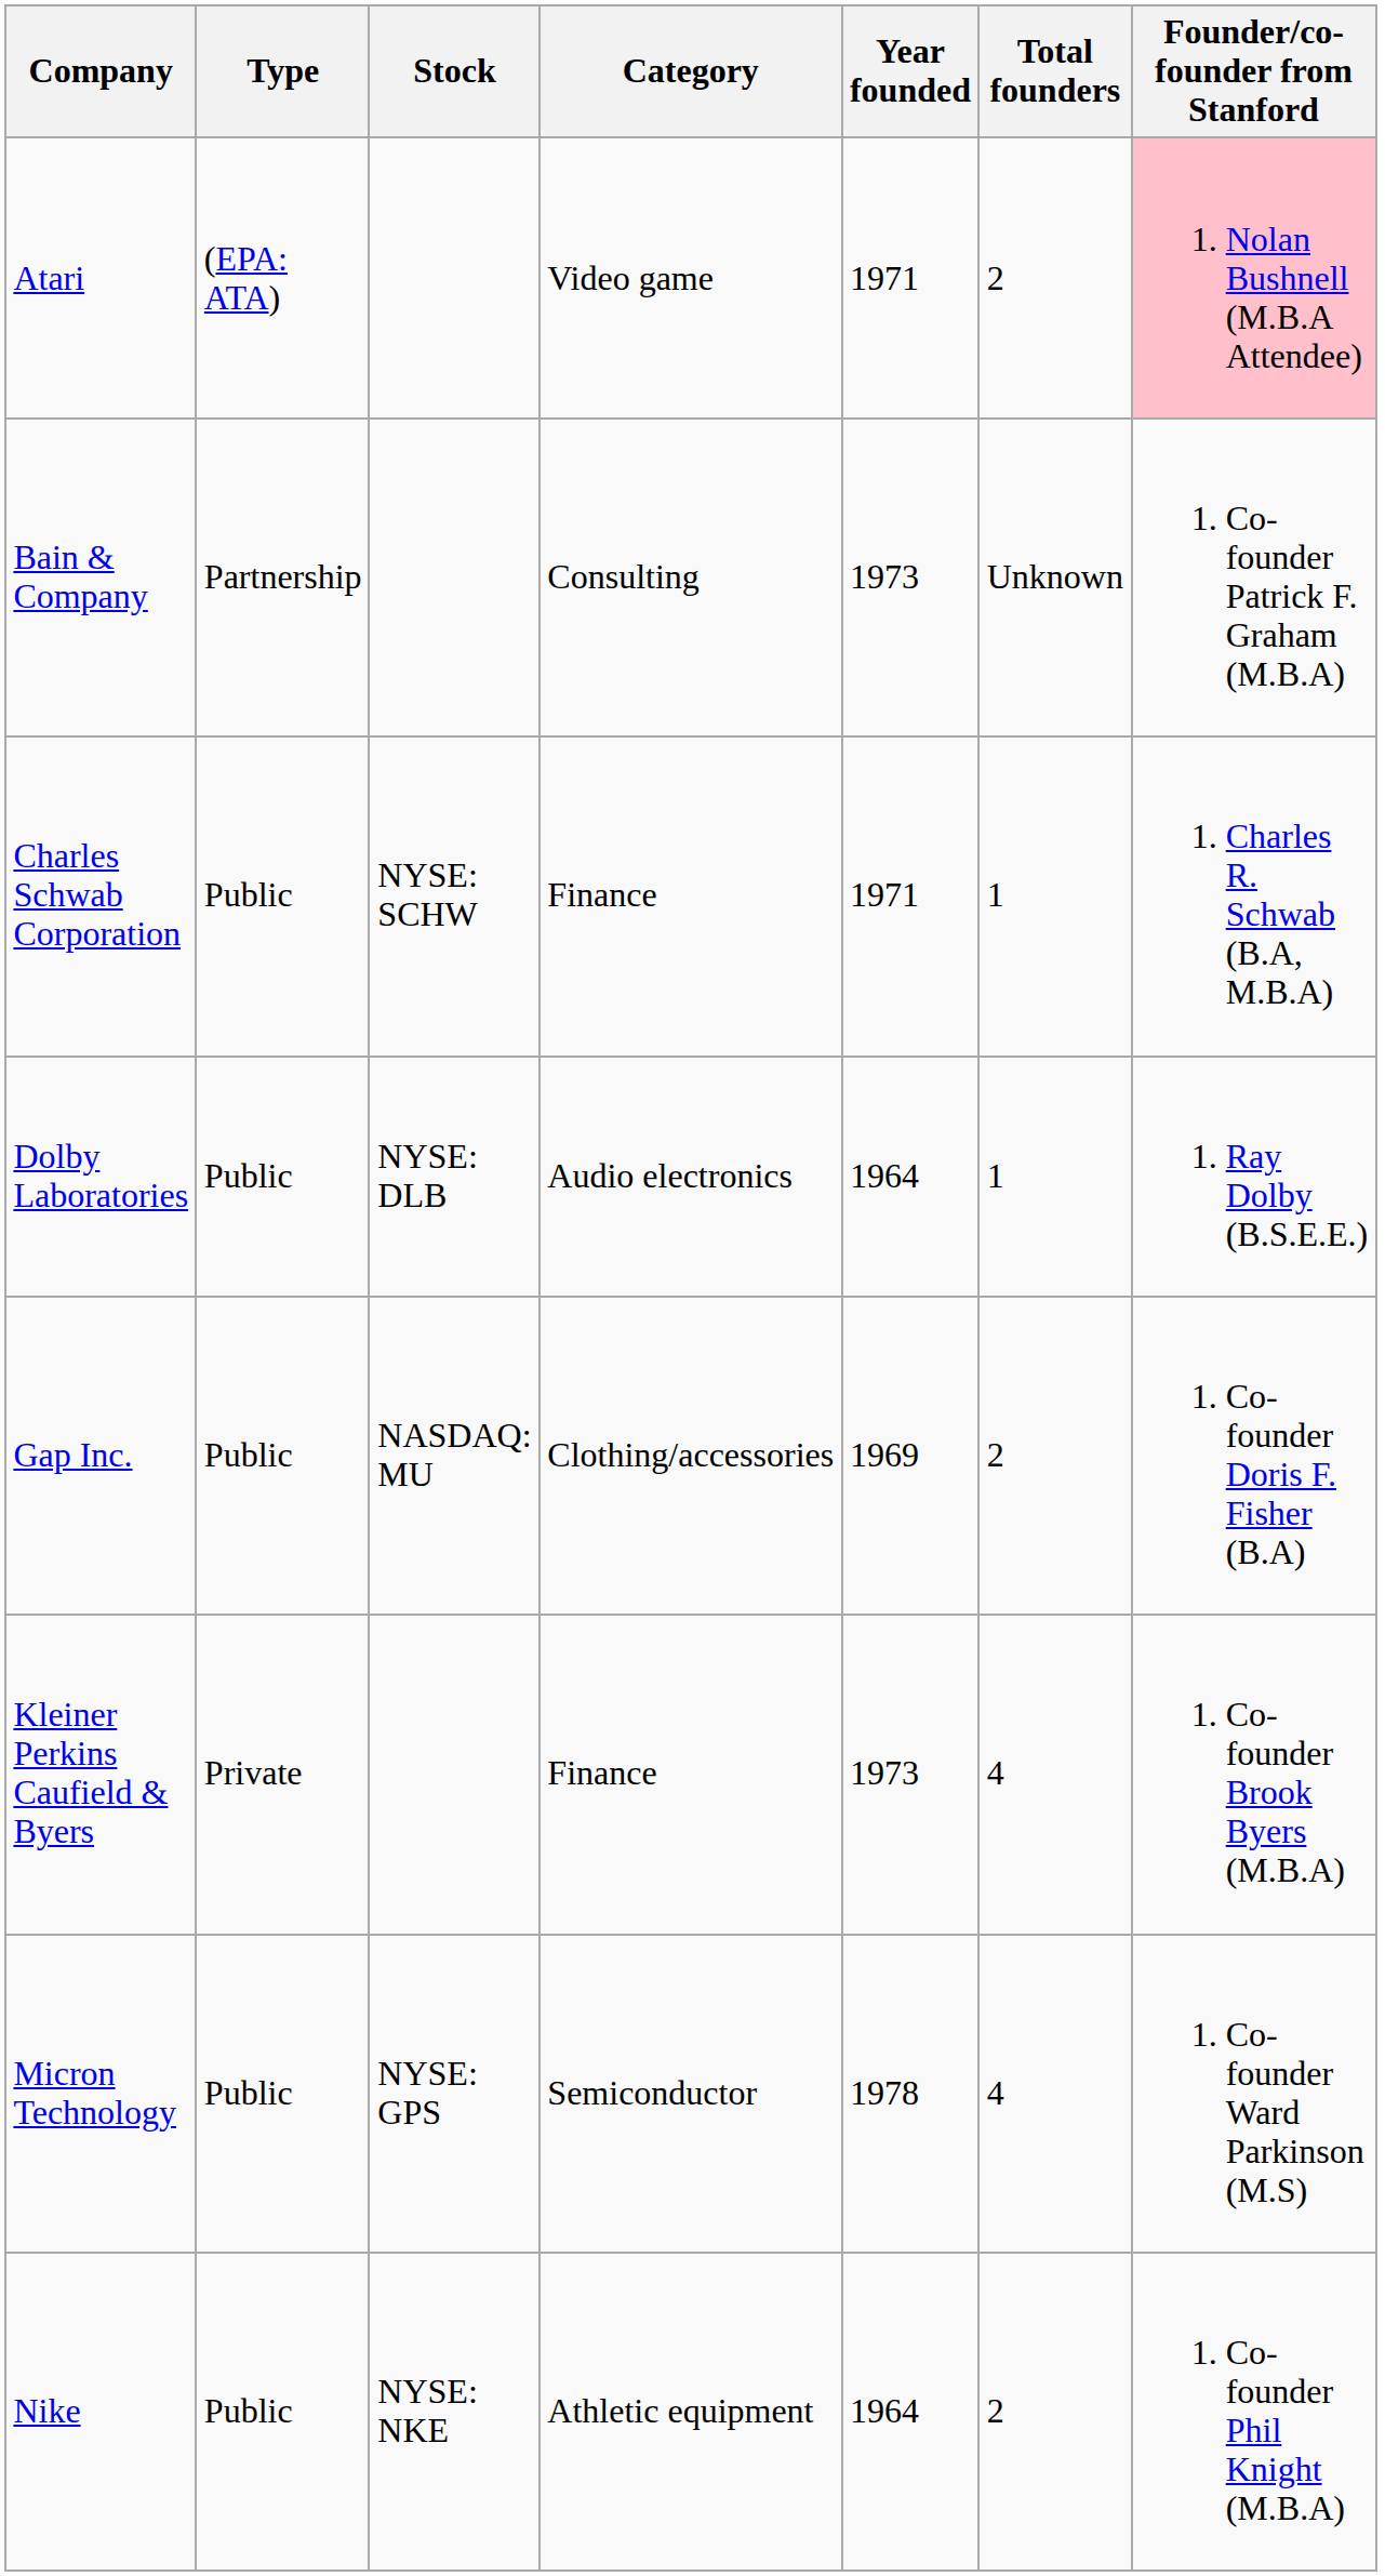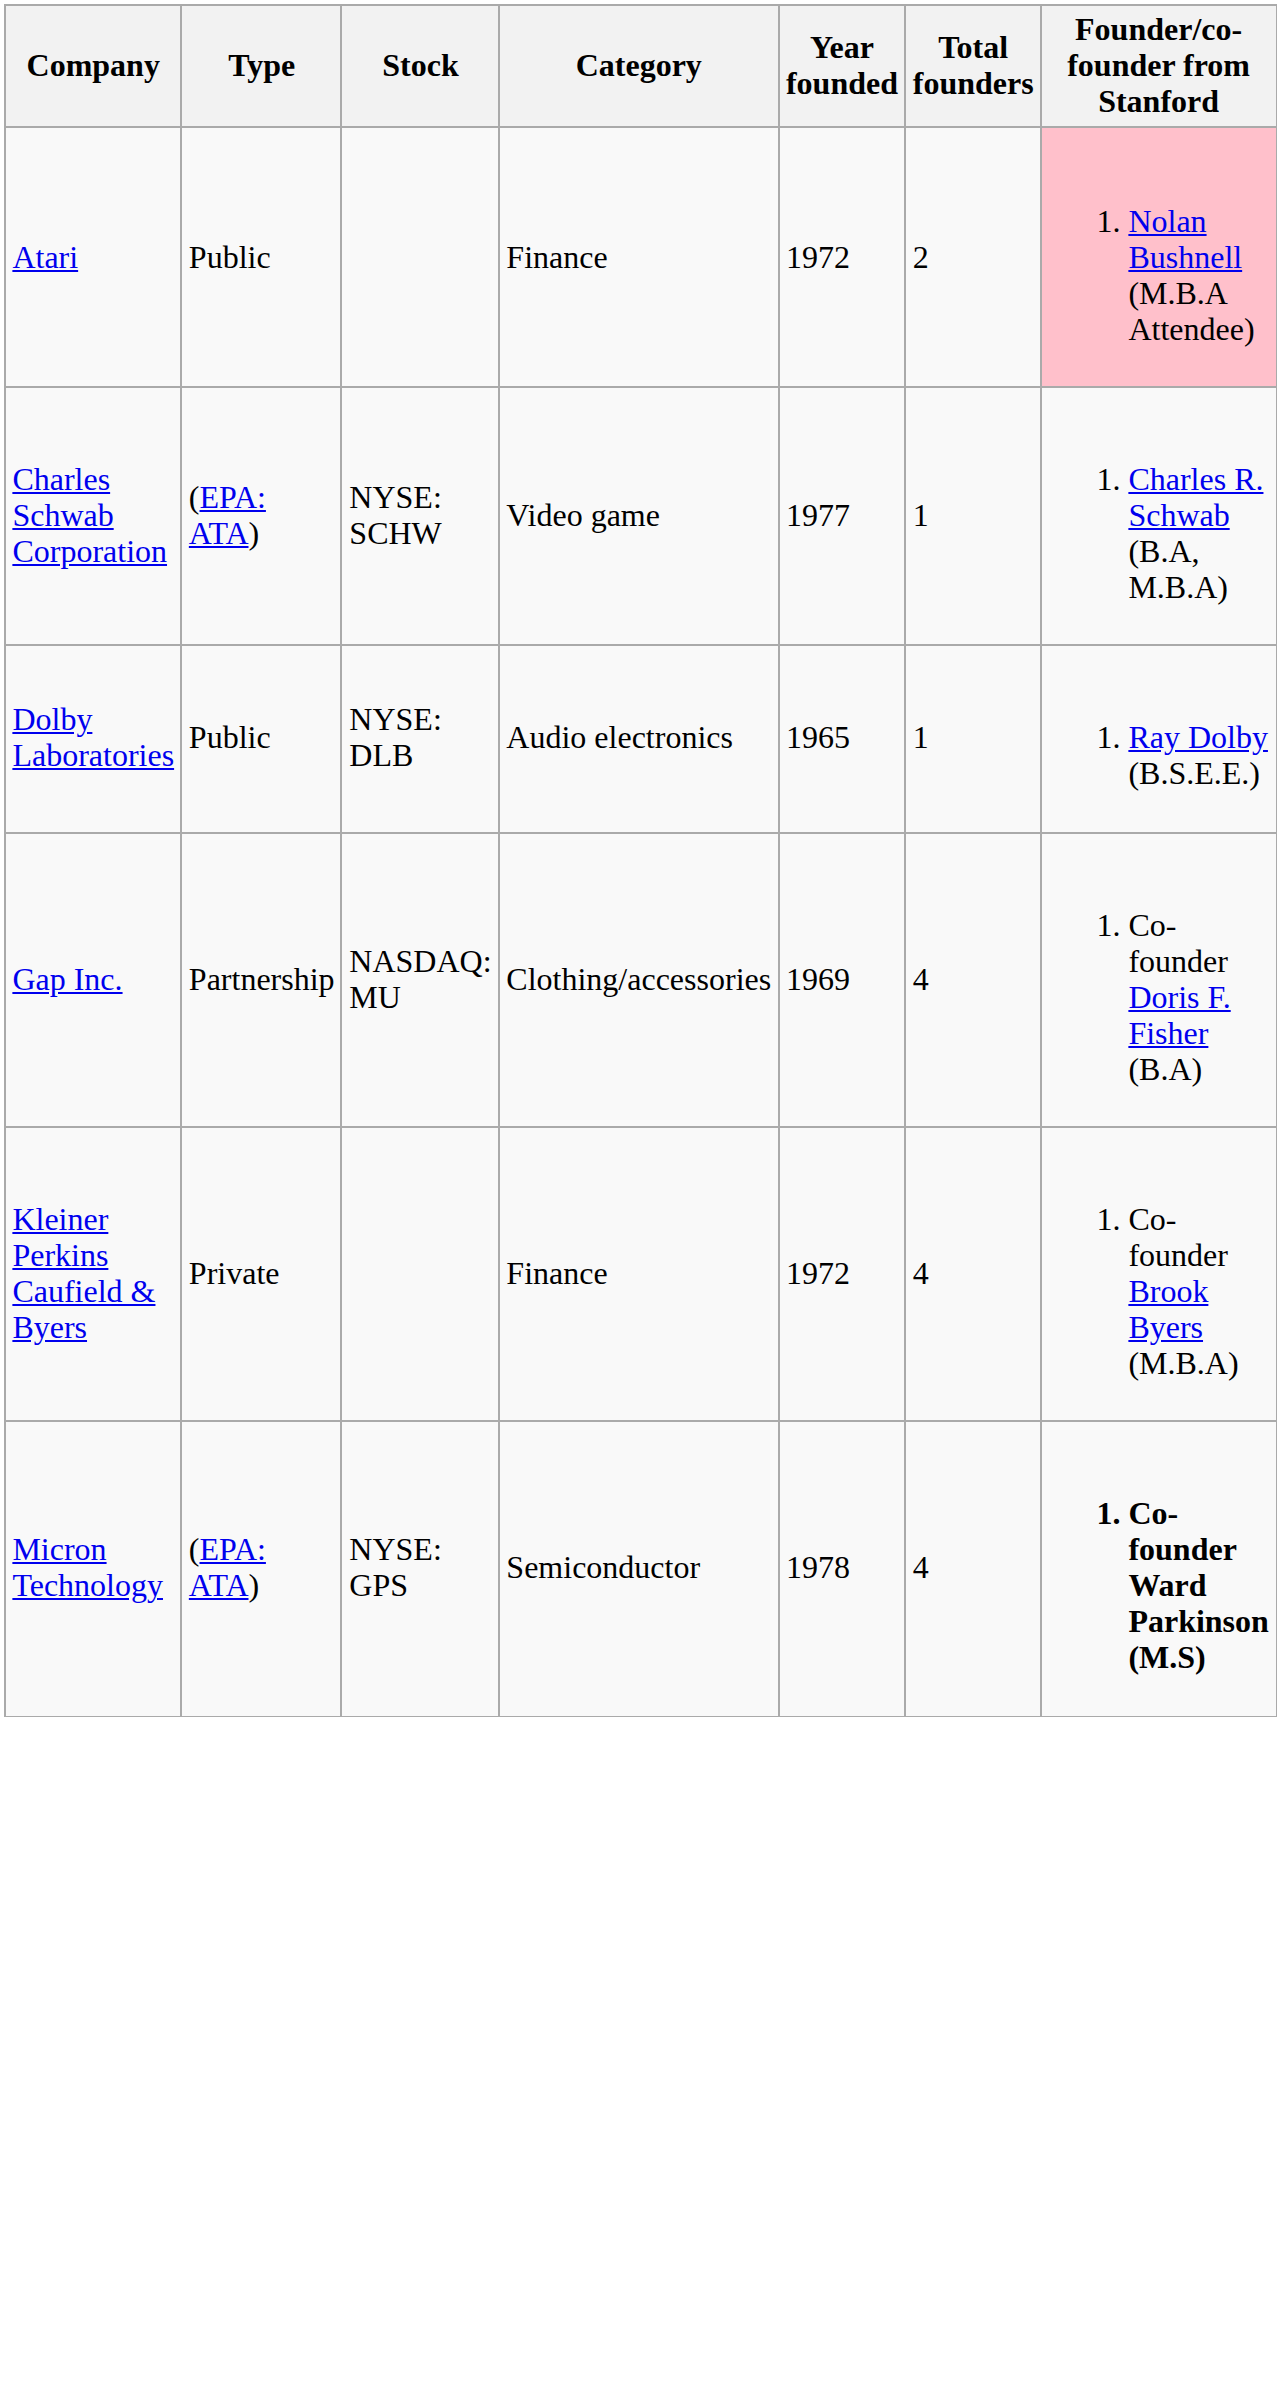 <table class="wikitable sortable">
 <tr>
 <th>Company</th>
 <th>Type</th>
 <th>Stock</th>
 <th>Category</th>
 <th>Year founded</th>
 <th>Total founders</th>
 <th>Founder/co-founder from Stanford</th>
 </tr>
 <tr>
 <td><a href='#'>Atari</a></td>
-<td>(<a href='#'>EPA: ATA</a>)</td>
+<td>Public</td>
 <td></td>
-<td>Video game</td>
-<td>1971</td>
+<td>Finance</td>
+<td>1972</td>
 <td>2</td>
 <td style="background: pink;"><br><ol><li><a href='#'>Nolan Bushnell</a> (M.B.A Attendee)</li></ol></td>
 </tr>
 <tr>
-<td><a href='#'>Bain & Company</a></td>
-<td>Partnership</td>
-<td></td>
-<td>Consulting</td>
-<td>1973</td>
-<td>Unknown</td>
-<td><br><ol><li>Co-founder Patrick F. Graham (M.B.A)</li></ol></td>
-</tr>
-<tr>
 <td><a href='#'>Charles Schwab Corporation</a></td>
-<td>Public</td>
+<td>(<a href='#'>EPA: ATA</a>)</td>
 <td>NYSE: SCHW</td>
-<td>Finance</td>
-<td>1971</td>
+<td>Video game</td>
+<td>1977</td>
 <td>1</td>
 <td><br><ol><li><a href='#'>Charles R. Schwab</a> (B.A, M.B.A)</li></ol></td>
 </tr>
 <tr>
 <td><a href='#'>Dolby Laboratories</a></td>
 <td>Public</td>
 <td>NYSE: DLB</td>
 <td>Audio electronics</td>
-<td>1964</td>
+<td>1965</td>
 <td>1</td>
 <td><br><ol><li><a href='#'>Ray Dolby</a> (B.S.E.E.)</li></ol></td>
 </tr>
 <tr>
 <td><a href='#'>Gap Inc.</a></td>
-<td>Public</td>
+<td>Partnership</td>
 <td>NASDAQ: MU</td>
 <td>Clothing/accessories</td>
 <td>1969</td>
-<td>2</td>
+<td>4</td>
 <td><br><ol><li>Co-founder <a href='#'>Doris F. Fisher</a> (B.A)</li></ol></td>
 </tr>
 <tr>
 <td><a href='#'>Kleiner Perkins Caufield & Byers</a></td>
 <td>Private</td>
 <td></td>
 <td>Finance</td>
-<td>1973</td>
+<td>1972</td>
 <td>4</td>
 <td><br><ol><li>Co-founder <a href='#'>Brook Byers</a> (M.B.A)</li></ol></td>
 </tr>
 <tr>
 <td><a href='#'>Micron Technology</a></td>
-<td>Public</td>
+<td>(<a href='#'>EPA: ATA</a>)</td>
 <td>NYSE: GPS</td>
 <td>Semiconductor</td>
 <td>1978</td>
 <td>4</td>
-<td><br><ol><li>Co-founder Ward Parkinson (M.S)</li></ol></td>
-</tr>
-<tr>
-<td><a href='#'>Nike</a></td>
-<td>Public</td>
-<td>NYSE: NKE</td>
-<td>Athletic equipment</td>
-<td>1964</td>
-<td>2</td>
-<td><br><ol><li>Co-founder <a href='#'>Phil Knight</a> (M.B.A)</li></ol></td>
+<td><strong><br><ol><li>Co-founder Ward Parkinson (M.S)</li></ol></strong></td>
 </tr>
 </table>
